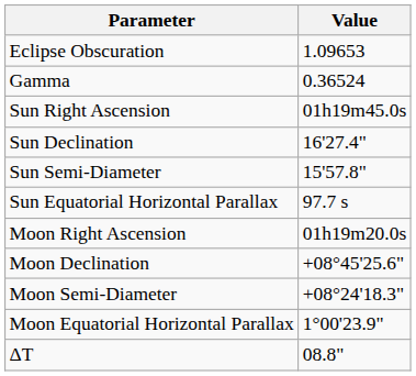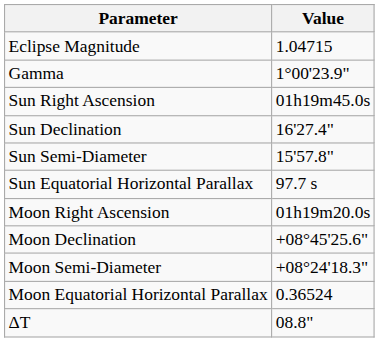 <table class="wikitable">
 <tr>
 <th>Parameter</th>
 <th>Value</th>
 </tr>
 <tr>
-<td>Eclipse Obscuration</td>
-<td>1.09653</td>
+<td>Eclipse Magnitude</td>
+<td>1.04715</td>
 </tr>
 <tr>
 <td>Gamma</td>
-<td>0.36524</td>
+<td>1°00'23.9"</td>
 </tr>
 <tr>
 <td>Sun Right Ascension</td>
 <td>01h19m45.0s</td>
 </tr>
 <tr>
 <td>Sun Declination</td>
 <td>16'27.4"</td>
 </tr>
 <tr>
 <td>Sun Semi-Diameter</td>
 <td>15'57.8"</td>
 </tr>
 <tr>
 <td>Sun Equatorial Horizontal Parallax</td>
 <td>97.7 s</td>
 </tr>
 <tr>
 <td>Moon Right Ascension</td>
 <td>01h19m20.0s</td>
 </tr>
 <tr>
 <td>Moon Declination</td>
 <td>+08°45'25.6"</td>
 </tr>
 <tr>
 <td>Moon Semi-Diameter</td>
 <td>+08°24'18.3"</td>
 </tr>
 <tr>
 <td>Moon Equatorial Horizontal Parallax</td>
-<td>1°00'23.9"</td>
+<td>0.36524</td>
 </tr>
 <tr>
 <td>ΔT</td>
 <td>08.8"</td>
 </tr>
 </table>
